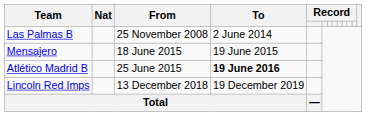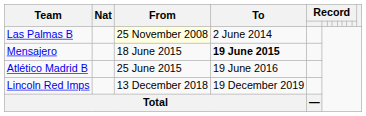 <table class="wikitable" style="text-align: center">
 <tr>
 <th rowspan="2">Team</th>
 <th rowspan="2">Nat</th>
 <th rowspan="2">From</th>
 <th rowspan="2">To</th>
 <th colspan="8">Record</th>
 <th rowspan=2></th>
 </tr>
 <tr>
 <th></th>
 <th></th>
 <th></th>
 <th></th>
 <th></th>
 <th></th>
 <th></th>
 <th></th>
 </tr>
 <tr>
 <td align=left><a href='#'>Las Palmas B</a></td>
 <td></td>
-<td align=left>25 November 2008</td>
+<td align=left style="background: lightyellow;">25 November 2008</td>
 <td align=left>2 June 2014<br></td>
 <td></td>
 </tr>
 <tr>
 <td align=left><a href='#'>Mensajero</a></td>
 <td></td>
 <td align=left>18 June 2015</td>
-<td align=left>19 June 2015<br></td>
+<td align=left><strong>19 June 2015<br></strong></td>
 <td></td>
 </tr>
 <tr>
 <td align=left><a href='#'>Atlético Madrid B</a></td>
 <td></td>
 <td align=left>25 June 2015</td>
-<td align=left><strong>19 June 2016<br></strong></td>
+<td align=left>19 June 2016<br></td>
 <td></td>
 </tr>
 <tr>
 <td align=left><a href='#'>Lincoln Red Imps</a></td>
 <td></td>
 <td align=left>13 December 2018</td>
 <td align=left>19 December 2019<br></td>
 <td></td>
 </tr>
 <tr>
 <th colspan="4">Total<br></th>
 <th>—</th>
 </tr>
 </table>
